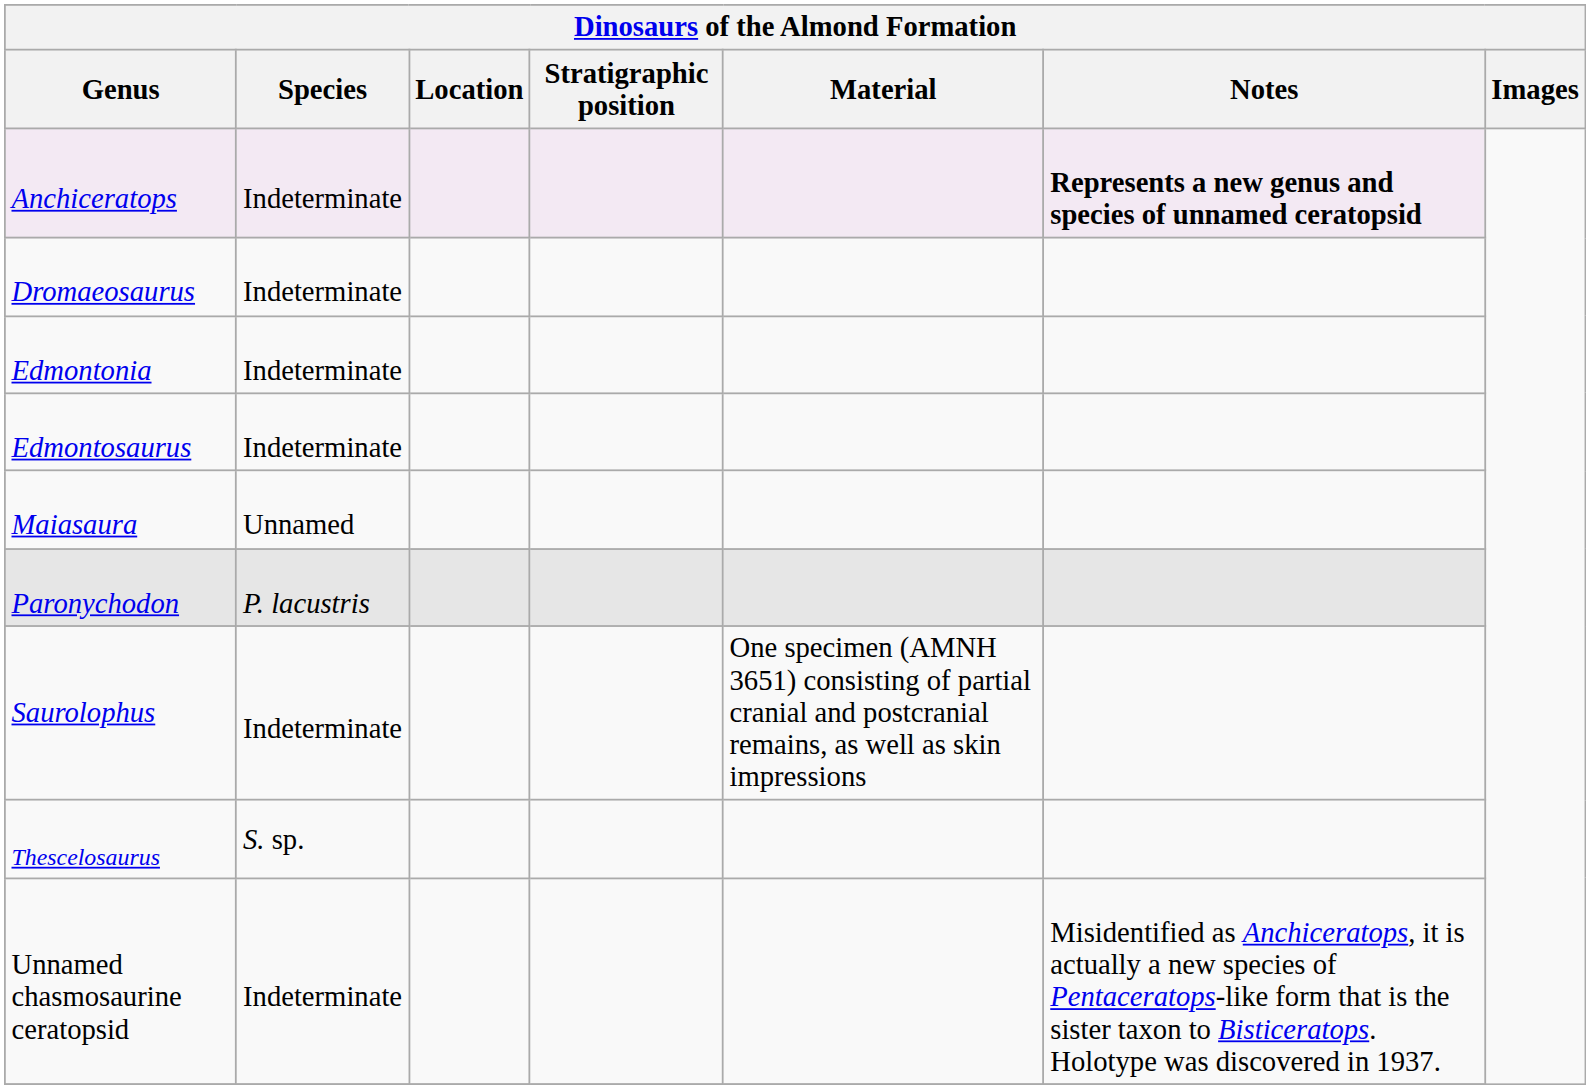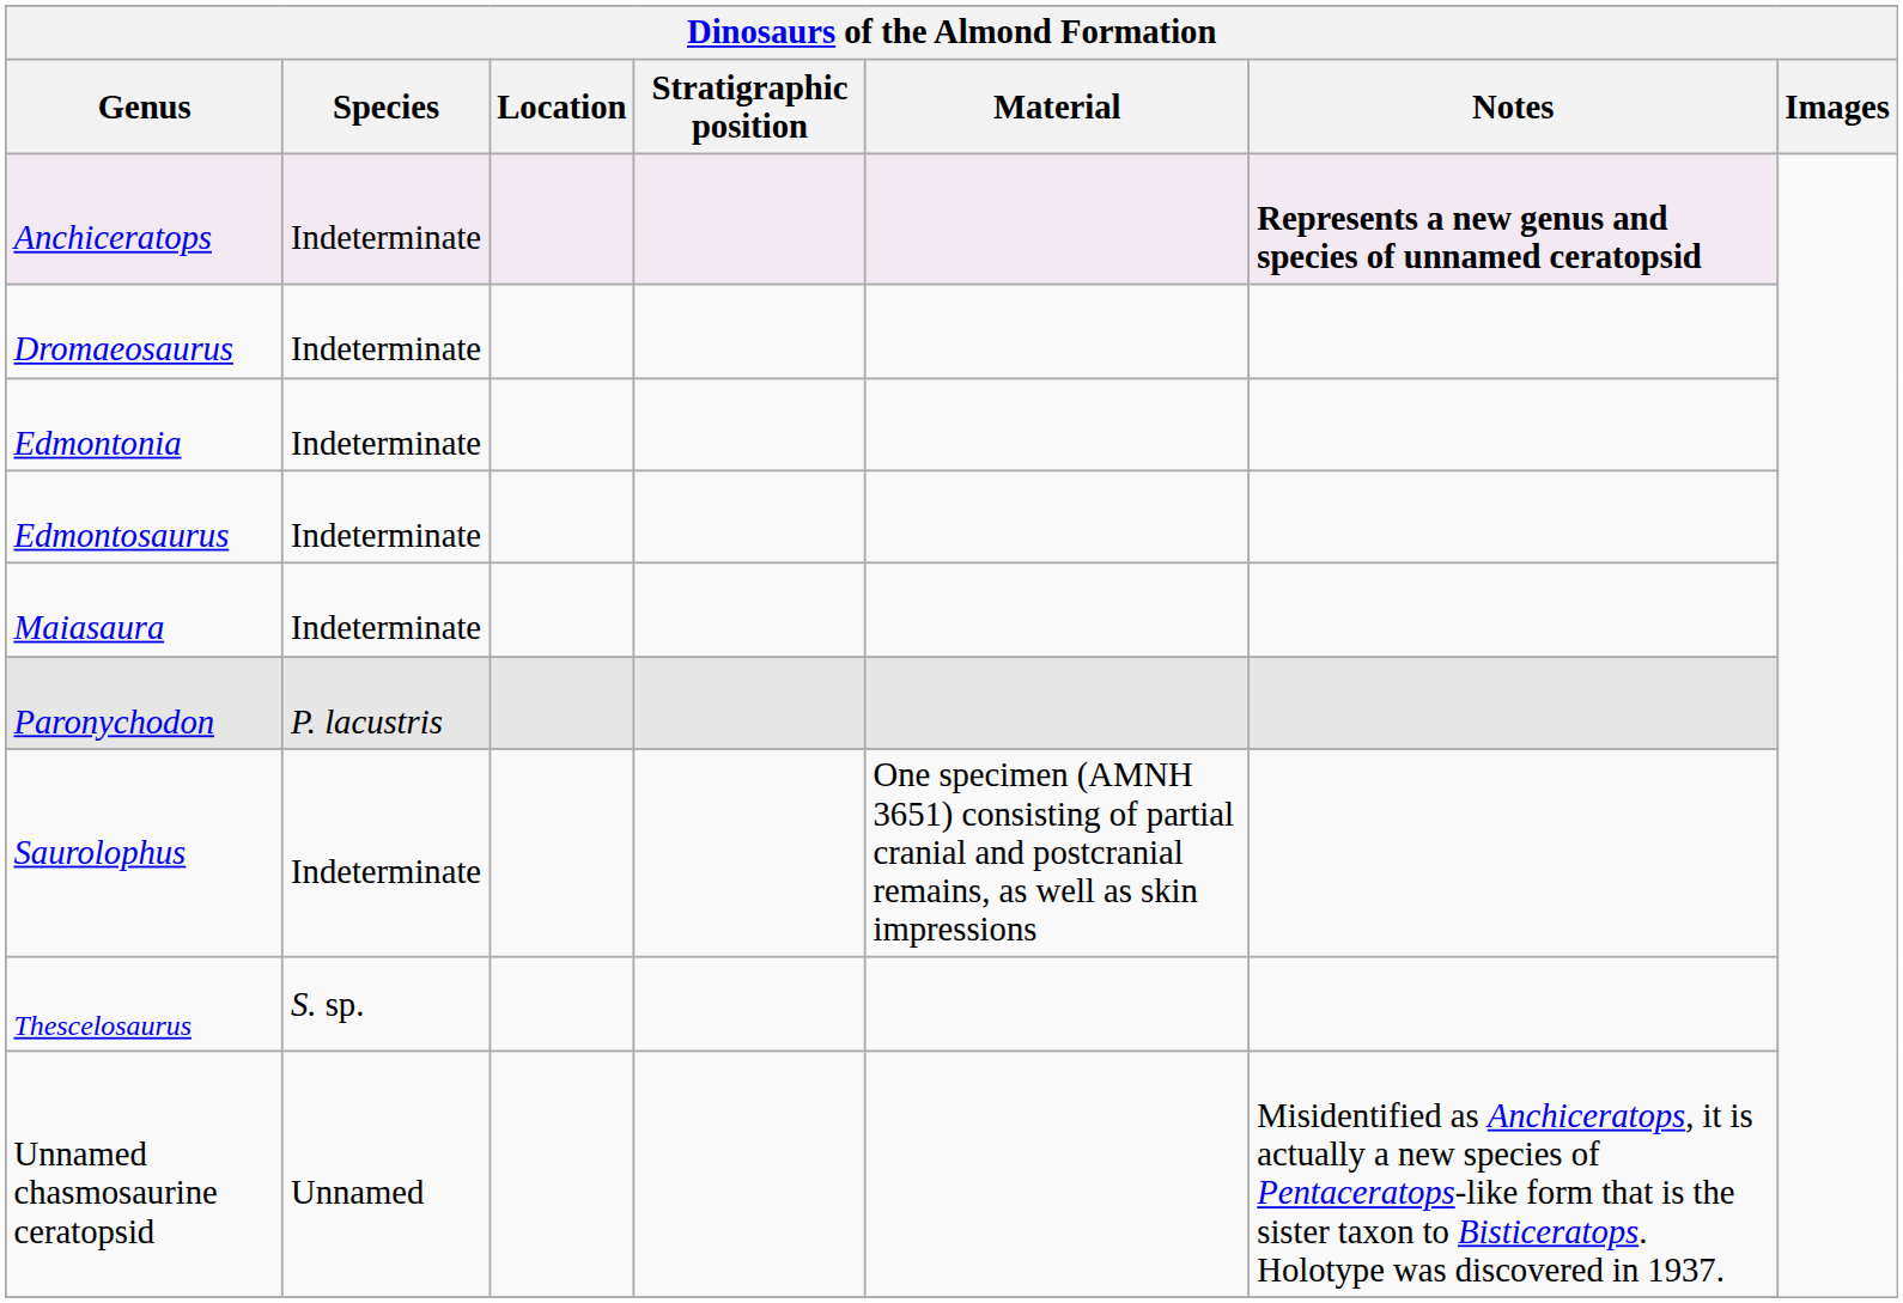 <table class="wikitable" align="center" width="100%">
 <tr>
 <th colspan="7" align="center"><strong><a href='#'>Dinosaurs</a> of the Almond Formation</strong></th>
 </tr>
 <tr>
 <th>Genus</th>
 <th>Species</th>
 <th>Location</th>
 <th>Stratigraphic position</th>
 <th>Material</th>
 <th>Notes</th>
 <th>Images</th>
 </tr>
 <tr>
 <td style="background:#f3e9f3;"><br><em><a href='#'>Anchiceratops</a></em></td>
 <td style="background:#f3e9f3;"><br>Indeterminate</td>
 <td style="background:#f3e9f3;"></td>
 <td style="background:#f3e9f3;"></td>
 <td style="background:#f3e9f3;"></td>
 <td style="background:#f3e9f3;"><strong><br>Represents a new genus and species of unnamed ceratopsid</strong></td>
 <td rowspan="100"><br>    </td>
 </tr>
 <tr>
 <td><br><em><a href='#'>Dromaeosaurus</a></em></td>
 <td><br>Indeterminate</td>
 <td></td>
 <td></td>
 <td></td>
 <td></td>
 </tr>
 <tr>
 <td><br><em><a href='#'>Edmontonia</a></em></td>
 <td><br>Indeterminate</td>
 <td></td>
 <td></td>
 <td></td>
 <td></td>
 </tr>
 <tr>
 <td><br><em><a href='#'>Edmontosaurus</a></em></td>
 <td><br>Indeterminate</td>
 <td></td>
 <td></td>
 <td></td>
 <td></td>
 </tr>
 <tr>
 <td><br><em><a href='#'>Maiasaura</a></em></td>
-<td><br>Unnamed</td>
+<td><br>Indeterminate</td>
 <td></td>
 <td></td>
 <td></td>
 <td></td>
 </tr>
 <tr>
 <td style="background:#E6E6E6;"><br><em><a href='#'>Paronychodon</a></em></td>
 <td style="background:#E6E6E6;"><br><em>P. lacustris</em></td>
 <td style="background:#E6E6E6;"></td>
 <td style="background:#E6E6E6;"></td>
 <td style="background:#E6E6E6;"></td>
 <td style="background:#E6E6E6;"></td>
 </tr>
 <tr>
 <td><em><a href='#'>Saurolophus</a></em></td>
 <td><br>Indeterminate</td>
 <td></td>
 <td></td>
 <td>One specimen (AMNH 3651) consisting of partial cranial and postcranial remains, as well as skin impressions</td>
 <td></td>
 </tr>
 <tr>
 <td><br><small><em><a href='#'>Thescelosaurus</a></em></small></td>
 <td><em>S.</em> sp.</td>
 <td></td>
 <td></td>
 <td></td>
 <td></td>
 </tr>
 <tr>
 <td><br>Unnamed chasmosaurine ceratopsid</td>
-<td><br>Indeterminate</td>
+<td><br>Unnamed</td>
 <td></td>
 <td></td>
 <td></td>
 <td><br>Misidentified as <em><a href='#'>Anchiceratops</a></em>, it is actually a new species of <em><a href='#'>Pentaceratops</a></em>-like form that is the sister taxon to <em><a href='#'>Bisticeratops</a></em>. Holotype was discovered in 1937.</td>
 </tr>
 <tr>
 </tr>
 </table>
